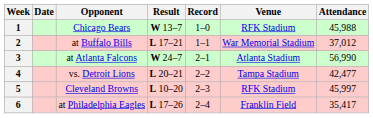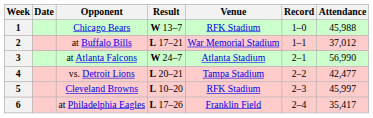 <table class="wikitable" style="text-align:center">
 <tr>
 <th>Week</th>
 <th>Date</th>
 <th>Opponent</th>
 <th>Result</th>
+<th>Venue</th>
 <th>Record</th>
-<th>Venue</th>
 <th>Attendance</th>
 </tr>
 <tr style="background:#cfc;">
 <th>1</th>
 <td></td>
 <td><a href='#'>Chicago Bears</a></td>
 <td><strong>W</strong> 13–7</td>
+<td><a href='#'>RFK Stadium</a></td>
 <td>1–0</td>
-<td><a href='#'>RFK Stadium</a></td>
 <td>45,988</td>
 </tr>
 <tr style="background:#fcc;">
 <th>2</th>
 <td></td>
 <td>at <a href='#'>Buffalo Bills</a> </td>
 <td><strong>L</strong> 17–21</td>
+<td><a href='#'>War Memorial Stadium</a></td>
 <td>1–1</td>
-<td><a href='#'>War Memorial Stadium</a></td>
 <td>37,012</td>
 </tr>
 <tr style="background:#cfc;">
 <th>3</th>
 <td></td>
 <td>at <a href='#'>Atlanta Falcons</a></td>
 <td><strong>W</strong> 24–7</td>
+<td><a href='#'>Atlanta Stadium</a></td>
 <td>2–1</td>
-<td><a href='#'>Atlanta Stadium</a></td>
 <td>56,990</td>
 </tr>
 <tr style="background:#fcc;">
 <th>4</th>
 <td></td>
 <td>vs. <a href='#'>Detroit Lions</a></td>
 <td><strong>L</strong> 20–21</td>
+<td><a href='#'>Tampa Stadium</a> </td>
 <td>2–2</td>
-<td><a href='#'>Tampa Stadium</a> </td>
 <td>42,477</td>
 </tr>
 <tr style="background:#fcc;">
 <th>5</th>
 <td></td>
 <td><a href='#'>Cleveland Browns</a></td>
 <td><strong>L</strong> 10–20</td>
+<td><a href='#'>RFK Stadium</a></td>
 <td>2–3</td>
-<td><a href='#'>RFK Stadium</a></td>
 <td>45,997</td>
 </tr>
 <tr style="background:#fcc;">
 <th>6</th>
 <td></td>
 <td>at <a href='#'>Philadelphia Eagles</a></td>
 <td><strong>L</strong> 17–26</td>
+<td><a href='#'>Franklin Field</a></td>
 <td>2–4</td>
-<td><a href='#'>Franklin Field</a></td>
 <td>35,417</td>
 </tr>
 </table>
